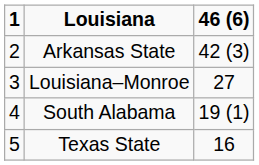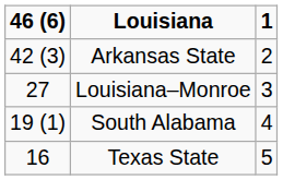 <table class="wikitable" style="display: inline-table;">
 <tr align="center">
+<td><strong>46 (6)</strong></td>
+<td><strong>Louisiana</strong></td>
 <td><strong>1</strong></td>
-<td><strong>Louisiana</strong></td>
-<td><strong>46 (6)</strong></td>
 </tr>
 <tr align="center">
+<td>42 (3)</td>
+<td>Arkansas State</td>
 <td>2</td>
-<td>Arkansas State</td>
-<td>42 (3)</td>
 </tr>
 <tr align="center">
+<td>27</td>
+<td>Louisiana–Monroe</td>
 <td>3</td>
-<td>Louisiana–Monroe</td>
-<td>27</td>
 </tr>
 <tr align="center">
+<td>19 (1)</td>
+<td>South Alabama</td>
 <td>4</td>
-<td>South Alabama</td>
-<td>19 (1)</td>
 </tr>
 <tr align="center">
+<td>16</td>
+<td>Texas State</td>
 <td>5</td>
-<td>Texas State</td>
-<td>16</td>
 </tr>
 </table>
